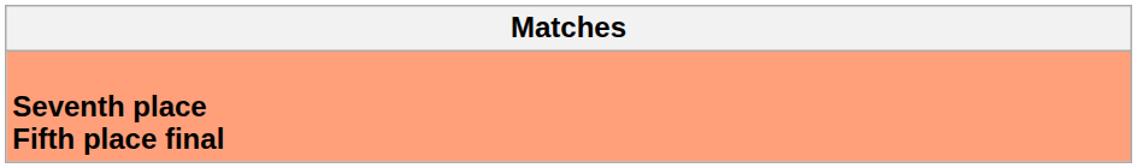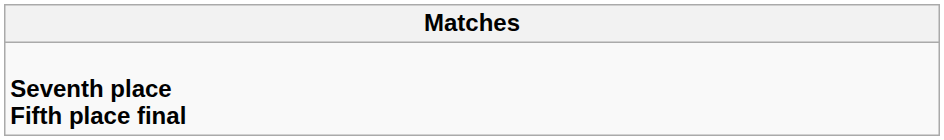 <table class="wikitable collapsible collapsed" style="width:100%;">
 <tr>
 <th>Matches</th>
 </tr>
 <tr>
-<td style="background: lightsalmon;"><br><strong>Seventh place</strong> <br><strong>Fifth place final</strong> </td>
+<td><br><strong>Seventh place</strong> <br><strong>Fifth place final</strong> </td>
 </tr>
 </table>
